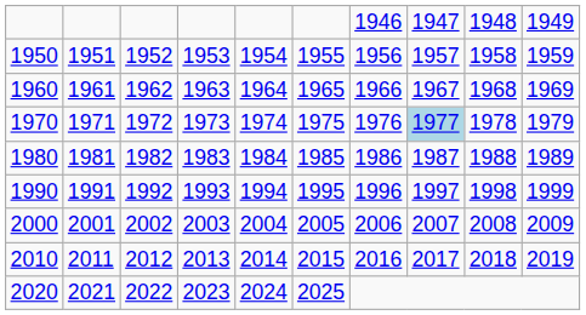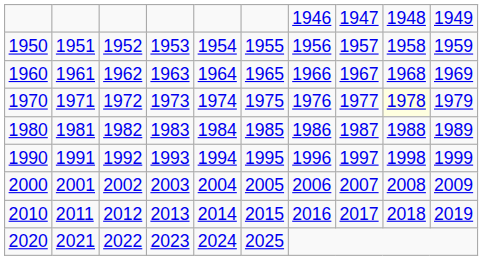 <table class="wikitable">
 <tr>
 <td></td>
 <td></td>
 <td></td>
 <td></td>
 <td></td>
 <td></td>
 <td><a href='#'>1946</a></td>
 <td><a href='#'>1947</a></td>
 <td><a href='#'>1948</a></td>
 <td><a href='#'>1949</a></td>
 </tr>
 <tr>
 <td><a href='#'>1950</a></td>
 <td><a href='#'>1951</a></td>
 <td><a href='#'>1952</a></td>
 <td><a href='#'>1953</a></td>
 <td><a href='#'>1954</a></td>
 <td><a href='#'>1955</a></td>
 <td><a href='#'>1956</a></td>
 <td><a href='#'>1957</a></td>
 <td><a href='#'>1958</a></td>
 <td><a href='#'>1959</a></td>
 </tr>
 <tr>
 <td><a href='#'>1960</a></td>
 <td><a href='#'>1961</a></td>
 <td><a href='#'>1962</a></td>
 <td><a href='#'>1963</a></td>
 <td><a href='#'>1964</a></td>
 <td><a href='#'>1965</a></td>
 <td><a href='#'>1966</a></td>
 <td><a href='#'>1967</a></td>
 <td><a href='#'>1968</a></td>
 <td><a href='#'>1969</a></td>
 </tr>
 <tr>
 <td><a href='#'>1970</a></td>
 <td><a href='#'>1971</a></td>
 <td><a href='#'>1972</a></td>
 <td><a href='#'>1973</a></td>
 <td><a href='#'>1974</a></td>
 <td><a href='#'>1975</a></td>
 <td><a href='#'>1976</a></td>
-<td style="background: lightblue;"><a href='#'>1977</a></td>
-<td><a href='#'>1978</a></td>
+<td><a href='#'>1977</a></td>
+<td style="background: lightyellow;"><a href='#'>1978</a></td>
 <td><a href='#'>1979</a></td>
 </tr>
 <tr>
 <td><a href='#'>1980</a></td>
 <td><a href='#'>1981</a></td>
 <td><a href='#'>1982</a></td>
 <td><a href='#'>1983</a></td>
 <td><a href='#'>1984</a></td>
 <td><a href='#'>1985</a></td>
 <td><a href='#'>1986</a></td>
 <td><a href='#'>1987</a></td>
 <td><a href='#'>1988</a></td>
 <td><a href='#'>1989</a></td>
 </tr>
 <tr>
 <td><a href='#'>1990</a></td>
 <td><a href='#'>1991</a></td>
 <td><a href='#'>1992</a></td>
 <td><a href='#'>1993</a></td>
 <td><a href='#'>1994</a></td>
 <td><a href='#'>1995</a></td>
 <td><a href='#'>1996</a></td>
 <td><a href='#'>1997</a></td>
 <td><a href='#'>1998</a></td>
 <td><a href='#'>1999</a></td>
 </tr>
 <tr>
 <td><a href='#'>2000</a></td>
 <td><a href='#'>2001</a></td>
 <td><a href='#'>2002</a></td>
 <td><a href='#'>2003</a></td>
 <td><a href='#'>2004</a></td>
 <td><a href='#'>2005</a></td>
 <td><a href='#'>2006</a></td>
 <td><a href='#'>2007</a></td>
 <td><a href='#'>2008</a></td>
 <td><a href='#'>2009</a></td>
 </tr>
 <tr>
 <td><a href='#'>2010</a></td>
 <td><a href='#'>2011</a></td>
 <td><a href='#'>2012</a></td>
 <td><a href='#'>2013</a></td>
 <td><a href='#'>2014</a></td>
 <td><a href='#'>2015</a></td>
 <td><a href='#'>2016</a></td>
 <td><a href='#'>2017</a></td>
 <td><a href='#'>2018</a></td>
 <td><a href='#'>2019</a></td>
 </tr>
 <tr>
 <td><a href='#'>2020</a></td>
 <td><a href='#'>2021</a></td>
 <td><a href='#'>2022</a></td>
 <td><a href='#'>2023</a></td>
 <td><a href='#'>2024</a></td>
 <td><a href='#'>2025</a></td>
 </tr>
 </table>
